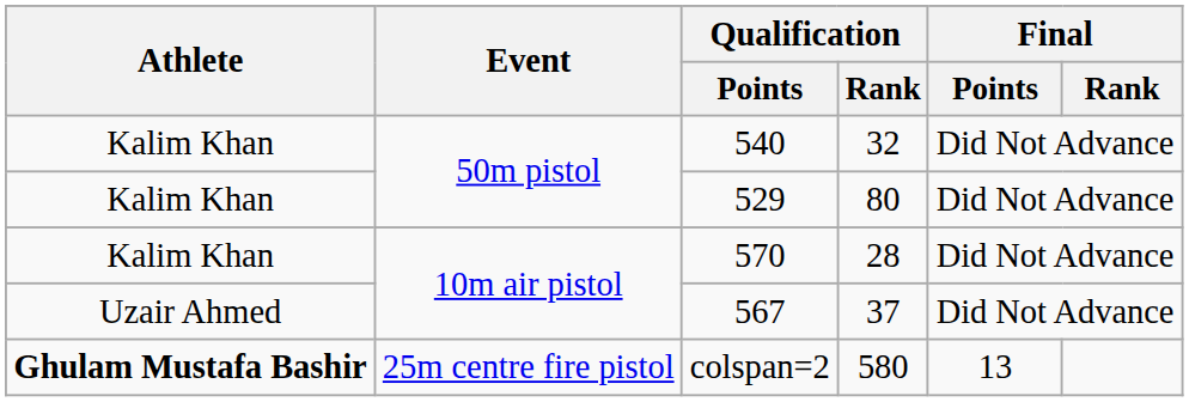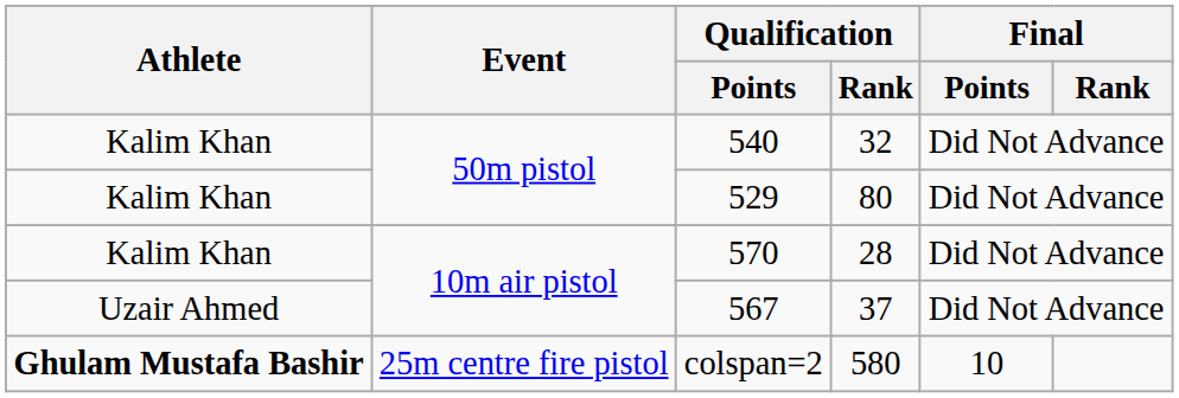 <table class=wikitable style="text-align:center; font-size:95%">
 <tr>
 <th rowspan=2>Athlete</th>
 <th rowspan=2>Event</th>
 <th colspan=2>Qualification</th>
 <th colspan=2>Final</th>
 </tr>
 <tr style="font-size:95%">
 <th>Points</th>
 <th>Rank</th>
 <th>Points</th>
 <th>Rank</th>
 </tr>
 <tr>
 <td>Kalim Khan</td>
 <td rowspan=2><a href='#'>50m pistol</a></td>
 <td>540</td>
 <td>32</td>
 <td style="text-align:center;" colspan=2>Did Not Advance</td>
 </tr>
 <tr>
 <td>Kalim Khan</td>
 <td>529</td>
 <td>80</td>
 <td style="text-align:center;" colspan=2>Did Not Advance</td>
 </tr>
 <tr>
 <td>Kalim Khan</td>
 <td rowspan=2><a href='#'>10m air pistol</a></td>
 <td>570</td>
 <td>28</td>
 <td style="text-align:center;" colspan=2>Did Not Advance</td>
 </tr>
 <tr>
 <td>Uzair Ahmed</td>
 <td>567</td>
 <td>37</td>
 <td style="text-align:center;" colspan=2>Did Not Advance</td>
 </tr>
 <tr>
 <td><strong>Ghulam Mustafa Bashir</strong></td>
 <td><a href='#'>25m centre fire pistol</a></td>
 <td>colspan=2 </td>
 <td>580</td>
-<td>13</td>
+<td>10</td>
 </tr>
 </table>
